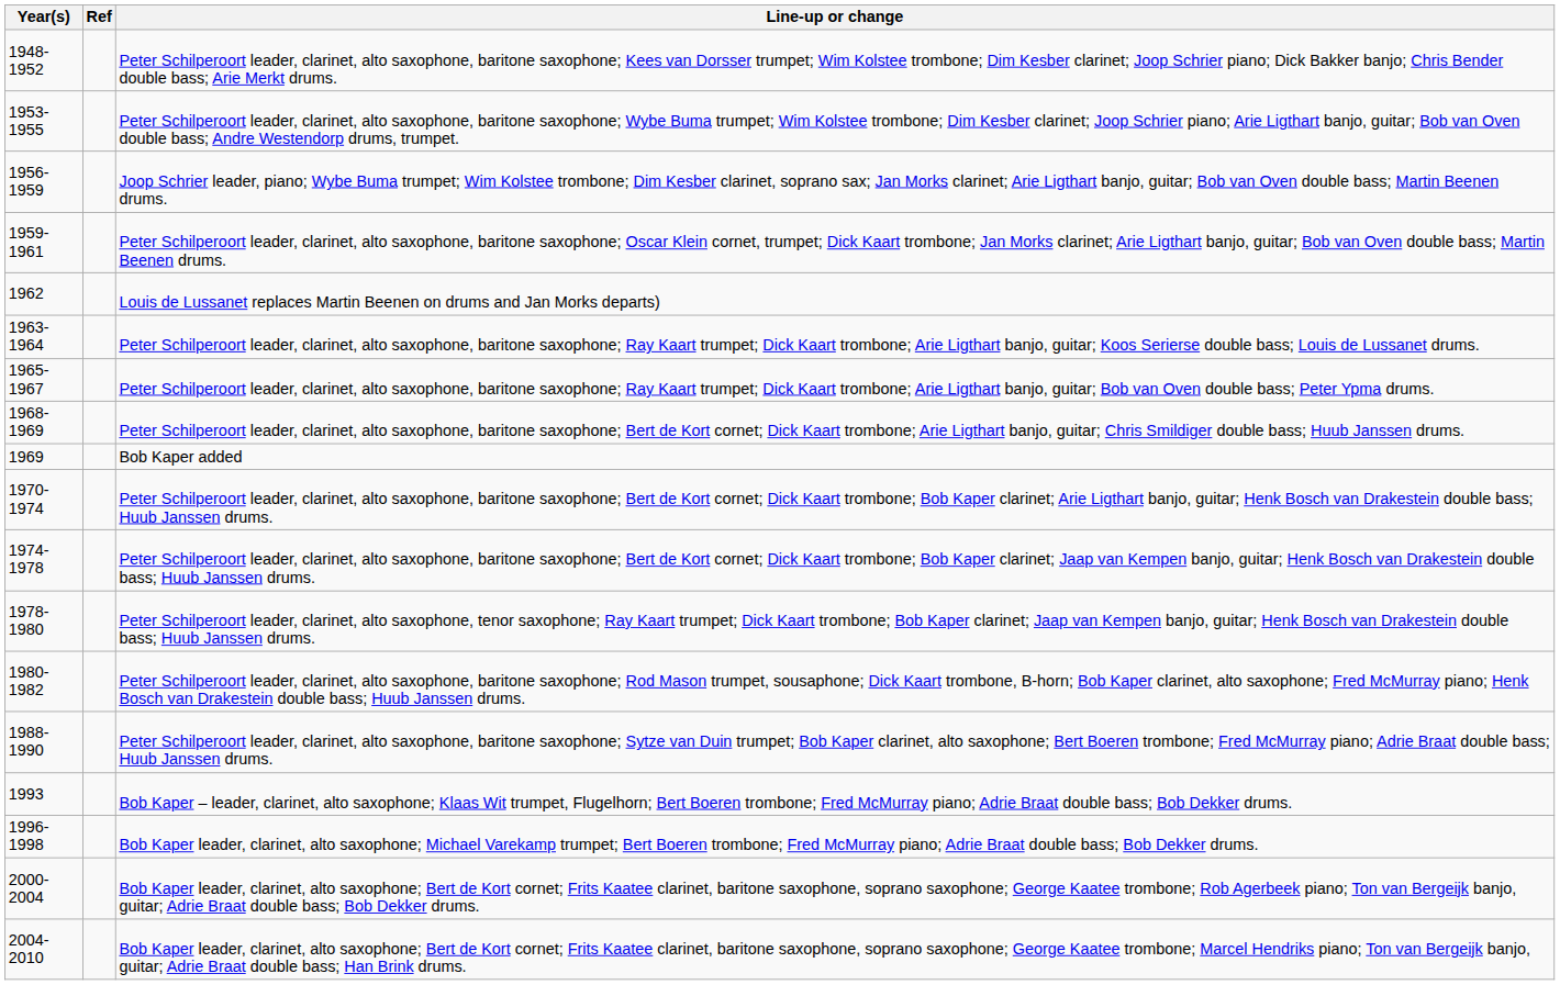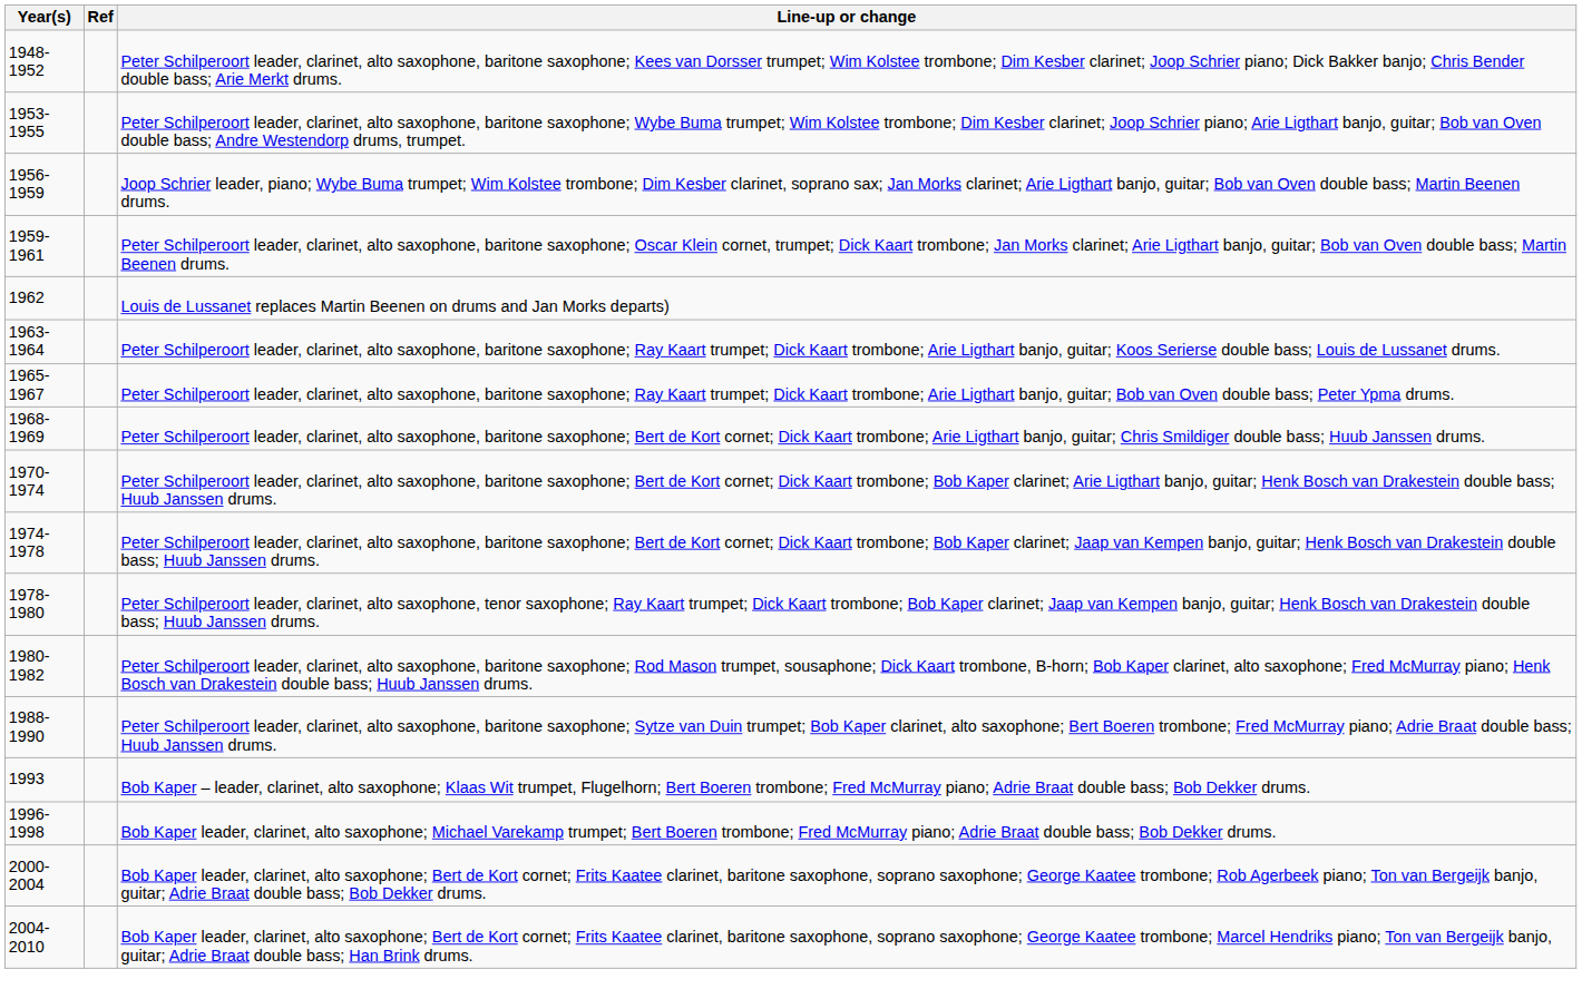 <table class="wikitable">
 <tr>
 <th>Year(s)</th>
 <th>Ref</th>
 <th>Line-up or change</th>
 </tr>
 <tr>
 <td>1948-1952</td>
 <td></td>
 <td><br><a href='#'>Peter Schilperoort</a> leader, clarinet, alto saxophone, baritone saxophone; <a href='#'>Kees van Dorsser</a> trumpet; <a href='#'>Wim Kolstee</a> trombone; <a href='#'>Dim Kesber</a> clarinet; <a href='#'>Joop Schrier</a> piano; Dick Bakker banjo; <a href='#'>Chris Bender</a> double bass; <a href='#'>Arie Merkt</a> drums.</td>
 </tr>
 <tr>
 <td>1953-1955</td>
 <td></td>
 <td><br><a href='#'>Peter Schilperoort</a> leader, clarinet, alto saxophone, baritone saxophone; <a href='#'>Wybe Buma</a> trumpet; <a href='#'>Wim Kolstee</a> trombone; <a href='#'>Dim Kesber</a> clarinet; <a href='#'>Joop Schrier</a> piano; <a href='#'>Arie Ligthart</a> banjo, guitar; <a href='#'>Bob van Oven</a> double bass; <a href='#'>Andre Westendorp</a> drums, trumpet.</td>
 </tr>
 <tr>
 <td>1956-1959</td>
 <td></td>
 <td><br><a href='#'>Joop Schrier</a> leader, piano; <a href='#'>Wybe Buma</a> trumpet; <a href='#'>Wim Kolstee</a> trombone; <a href='#'>Dim Kesber</a> clarinet, soprano sax; <a href='#'>Jan Morks</a> clarinet; <a href='#'>Arie Ligthart</a> banjo, guitar; <a href='#'>Bob van Oven</a> double bass; <a href='#'>Martin Beenen</a> drums.</td>
 </tr>
 <tr>
 <td>1959-1961</td>
 <td></td>
 <td><br><a href='#'>Peter Schilperoort</a> leader, clarinet, alto saxophone, baritone saxophone; <a href='#'>Oscar Klein</a> cornet, trumpet; <a href='#'>Dick Kaart</a> trombone; <a href='#'>Jan Morks</a> clarinet; <a href='#'>Arie Ligthart</a> banjo, guitar; <a href='#'>Bob van Oven</a> double bass; <a href='#'>Martin Beenen</a> drums.</td>
 </tr>
 <tr>
 <td>1962</td>
 <td></td>
 <td><br><a href='#'>Louis de Lussanet</a> replaces Martin Beenen on drums and Jan Morks departs)</td>
 </tr>
 <tr>
 <td>1963-1964</td>
 <td></td>
 <td><br><a href='#'>Peter Schilperoort</a> leader, clarinet, alto saxophone, baritone saxophone; <a href='#'>Ray Kaart</a> trumpet; <a href='#'>Dick Kaart</a> trombone; <a href='#'>Arie Ligthart</a> banjo, guitar; <a href='#'>Koos Serierse</a> double bass; <a href='#'>Louis de Lussanet</a> drums.</td>
 </tr>
 <tr>
 <td>1965-1967</td>
 <td></td>
 <td><br><a href='#'>Peter Schilperoort</a> leader, clarinet, alto saxophone, baritone saxophone; <a href='#'>Ray Kaart</a> trumpet; <a href='#'>Dick Kaart</a> trombone; <a href='#'>Arie Ligthart</a> banjo, guitar; <a href='#'>Bob van Oven</a> double bass; <a href='#'>Peter Ypma</a> drums.</td>
 </tr>
 <tr>
 <td>1968-1969</td>
 <td></td>
 <td><br><a href='#'>Peter Schilperoort</a> leader, clarinet, alto saxophone, baritone saxophone; <a href='#'>Bert de Kort</a> cornet; <a href='#'>Dick Kaart</a> trombone; <a href='#'>Arie Ligthart</a> banjo, guitar; <a href='#'>Chris Smildiger</a> double bass; <a href='#'>Huub Janssen</a> drums.</td>
 </tr>
 <tr>
-<td>1969</td>
-<td></td>
-<td>Bob Kaper added</td>
-</tr>
-<tr>
 <td>1970-1974</td>
 <td></td>
 <td><br><a href='#'>Peter Schilperoort</a> leader, clarinet, alto saxophone, baritone saxophone; <a href='#'>Bert de Kort</a> cornet; <a href='#'>Dick Kaart</a> trombone; <a href='#'>Bob Kaper</a> clarinet; <a href='#'>Arie Ligthart</a> banjo, guitar; <a href='#'>Henk Bosch van Drakestein</a> double bass; <a href='#'>Huub Janssen</a> drums.</td>
 </tr>
 <tr>
 <td>1974-1978</td>
 <td></td>
 <td><br><a href='#'>Peter Schilperoort</a> leader, clarinet, alto saxophone, baritone saxophone; <a href='#'>Bert de Kort</a> cornet; <a href='#'>Dick Kaart</a> trombone; <a href='#'>Bob Kaper</a> clarinet; <a href='#'>Jaap van Kempen</a> banjo, guitar; <a href='#'>Henk Bosch van Drakestein</a> double bass; <a href='#'>Huub Janssen</a> drums.</td>
 </tr>
 <tr>
 <td>1978-1980</td>
 <td></td>
 <td><br><a href='#'>Peter Schilperoort</a> leader, clarinet, alto saxophone, tenor saxophone; <a href='#'>Ray Kaart</a> trumpet; <a href='#'>Dick Kaart</a> trombone; <a href='#'>Bob Kaper</a> clarinet; <a href='#'>Jaap van Kempen</a> banjo, guitar; <a href='#'>Henk Bosch van Drakestein</a> double bass; <a href='#'>Huub Janssen</a> drums.</td>
 </tr>
 <tr>
 <td>1980-1982</td>
 <td></td>
 <td><br><a href='#'>Peter Schilperoort</a> leader, clarinet, alto saxophone, baritone saxophone; <a href='#'>Rod Mason</a> trumpet, sousaphone; <a href='#'>Dick Kaart</a> trombone, B-horn; <a href='#'>Bob Kaper</a> clarinet, alto saxophone; <a href='#'>Fred McMurray</a> piano; <a href='#'>Henk Bosch van Drakestein</a> double bass; <a href='#'>Huub Janssen</a> drums.</td>
 </tr>
 <tr>
 <td>1988-1990</td>
 <td></td>
 <td><br><a href='#'>Peter Schilperoort</a> leader, clarinet, alto saxophone, baritone saxophone; <a href='#'>Sytze van Duin</a> trumpet; <a href='#'>Bob Kaper</a> clarinet, alto saxophone; <a href='#'>Bert Boeren</a> trombone; <a href='#'>Fred McMurray</a> piano; <a href='#'>Adrie Braat</a> double bass; <a href='#'>Huub Janssen</a> drums.</td>
 </tr>
 <tr>
 <td>1993</td>
 <td></td>
 <td><br><a href='#'>Bob Kaper</a> – leader, clarinet, alto saxophone; <a href='#'>Klaas Wit</a> trumpet, Flugelhorn; <a href='#'>Bert Boeren</a> trombone; <a href='#'>Fred McMurray</a> piano; <a href='#'>Adrie Braat</a> double bass; <a href='#'>Bob Dekker</a> drums.</td>
 </tr>
 <tr>
 <td>1996-1998</td>
 <td></td>
 <td><br><a href='#'>Bob Kaper</a> leader, clarinet, alto saxophone; <a href='#'>Michael Varekamp</a> trumpet; <a href='#'>Bert Boeren</a> trombone; <a href='#'>Fred McMurray</a> piano; <a href='#'>Adrie Braat</a> double bass; <a href='#'>Bob Dekker</a> drums.</td>
 </tr>
 <tr>
 <td>2000-2004</td>
 <td></td>
 <td><br><a href='#'>Bob Kaper</a> leader, clarinet, alto saxophone; <a href='#'>Bert de Kort</a> cornet; <a href='#'>Frits Kaatee</a> clarinet, baritone saxophone, soprano saxophone; <a href='#'>George Kaatee</a> trombone; <a href='#'>Rob Agerbeek</a> piano; <a href='#'>Ton van Bergeijk</a> banjo, guitar; <a href='#'>Adrie Braat</a> double bass; <a href='#'>Bob Dekker</a> drums.</td>
 </tr>
 <tr>
 <td>2004-2010</td>
 <td></td>
 <td><br><a href='#'>Bob Kaper</a> leader, clarinet, alto saxophone; <a href='#'>Bert de Kort</a> cornet; <a href='#'>Frits Kaatee</a> clarinet, baritone saxophone, soprano saxophone; <a href='#'>George Kaatee</a> trombone; <a href='#'>Marcel Hendriks</a> piano; <a href='#'>Ton van Bergeijk</a> banjo, guitar; <a href='#'>Adrie Braat</a> double bass; <a href='#'>Han Brink</a> drums.</td>
 </tr>
 </table>
